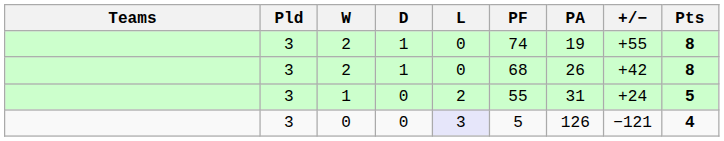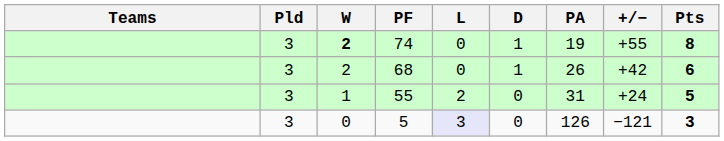 <table class="wikitable" style="text-align: center;">
 <tr>
 <th width="200">Teams</th>
 <th width="40">Pld</th>
 <th width="40">W</th>
+<th width="40">PF</th>
+<th width="40">L</th>
 <th width="40">D</th>
-<th width="40">L</th>
-<th width="40">PF</th>
 <th width="40">PA</th>
 <th width="40">+/−</th>
 <th width="40">Pts</th>
 </tr>
 <tr bgcolor=ccffcc>
 <td align=left></td>
 <td>3</td>
-<td>2</td>
+<td><strong>2</strong></td>
+<td>74</td>
+<td>0</td>
 <td>1</td>
-<td>0</td>
-<td>74</td>
 <td>19</td>
 <td>+55</td>
 <td><strong>8</strong></td>
 </tr>
 <tr bgcolor=ccffcc>
 <td align=left></td>
 <td>3</td>
 <td>2</td>
+<td>68</td>
+<td>0</td>
 <td>1</td>
-<td>0</td>
-<td>68</td>
 <td>26</td>
 <td>+42</td>
-<td><strong>8</strong></td>
+<td><strong>6</strong></td>
 </tr>
 <tr bgcolor=ccffcc>
 <td align=left></td>
 <td>3</td>
 <td>1</td>
+<td>55</td>
+<td>2</td>
 <td>0</td>
-<td>2</td>
-<td>55</td>
 <td>31</td>
 <td>+24</td>
 <td><strong>5</strong></td>
 </tr>
 <tr>
 <td align=left></td>
 <td>3</td>
 <td>0</td>
+<td>5</td>
+<td style="background: lavender;">3</td>
 <td>0</td>
-<td style="background: lavender;">3</td>
-<td>5</td>
 <td>126</td>
 <td>−121</td>
-<td><strong>4</strong></td>
+<td><strong>3</strong></td>
 </tr>
 </table>
